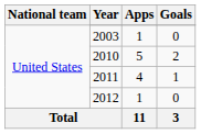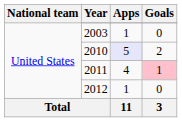 <table class="wikitable" style="text-align: center">
 <tr>
 <th>National team</th>
 <th>Year</th>
 <th>Apps</th>
 <th>Goals</th>
 </tr>
 <tr>
 <td rowspan="5"><a href='#'>United States</a></td>
 </tr>
 <tr>
 <td>2003</td>
 <td>1</td>
 <td>0</td>
 </tr>
 <tr>
 <td>2010</td>
-<td>5</td>
+<td style="background: lavender;">5</td>
 <td>2</td>
 </tr>
 <tr>
 <td>2011</td>
 <td>4</td>
-<td>1</td>
+<td style="background: pink;">1</td>
 </tr>
 <tr>
 <td>2012</td>
 <td>1</td>
 <td>0</td>
 </tr>
 <tr>
 <th colspan=2>Total</th>
 <th>11</th>
 <th>3</th>
 </tr>
 </table>
